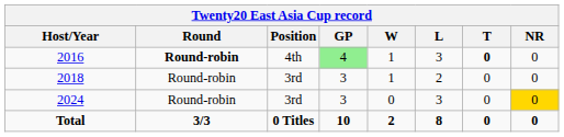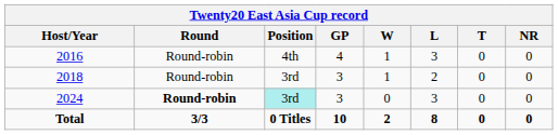 <table class="wikitable" style="text-align: center;">
 <tr>
 <th colspan=8><a href='#'>Twenty20 East Asia Cup record</a></th>
 </tr>
 <tr>
 <th width=150>Host/Year</th>
 <th width=150>Round</th>
 <th width=50>Position</th>
 <th width=50>GP</th>
 <th width=50>W</th>
 <th width=50>L</th>
 <th width=50>T</th>
 <th width=50>NR</th>
 </tr>
 <tr>
 <td> <a href='#'>2016</a></td>
-<td><strong>Round-robin</strong></td>
+<td>Round-robin</td>
 <td>4th</td>
-<td style="background: lightgreen;">4</td>
+<td>4</td>
 <td>1</td>
 <td>3</td>
-<td><strong>0</strong></td>
+<td>0</td>
 <td>0</td>
 </tr>
 <tr>
 <td> <a href='#'>2018</a></td>
 <td>Round-robin</td>
 <td>3rd</td>
 <td>3</td>
 <td>1</td>
 <td>2</td>
 <td>0</td>
 <td>0</td>
 </tr>
 <tr>
 <td> <a href='#'>2024</a></td>
-<td>Round-robin</td>
-<td>3rd</td>
+<td><strong>Round-robin</strong></td>
+<td style="background: paleturquoise;">3rd</td>
 <td>3</td>
 <td>0</td>
 <td>3</td>
 <td>0</td>
-<td style="background: gold;">0</td>
+<td>0</td>
 </tr>
 <tr>
 <td><strong>Total</strong></td>
 <td><strong>3/3</strong></td>
 <td><strong>0 Titles</strong></td>
 <td><strong>10</strong></td>
 <td><strong>2</strong></td>
 <td><strong>8</strong></td>
 <td><strong>0</strong></td>
 <td><strong>0</strong></td>
 </tr>
 </table>
